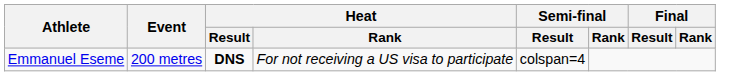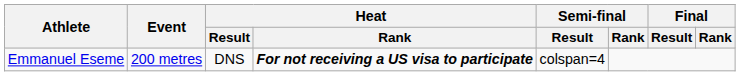 <table class="wikitable" style="font-size:90%">
 <tr>
 <th rowspan="2">Athlete</th>
 <th rowspan="2">Event</th>
 <th colspan="2">Heat</th>
 <th colspan="2">Semi-final</th>
 <th colspan="2">Final</th>
 </tr>
 <tr style="font-size:95%">
 <th>Result</th>
 <th>Rank</th>
 <th>Result</th>
 <th>Rank</th>
 <th>Result</th>
 <th>Rank</th>
 </tr>
 <tr style=text-align:center>
 <td style=text-align:left><a href='#'>Emmanuel Eseme</a></td>
 <td style=text-align:left><a href='#'>200 metres</a></td>
-<td><strong>DNS</strong></td>
-<td><em>For not receiving a US visa to participate</em></td>
+<td>DNS</td>
+<td><strong><em>For not receiving a US visa to participate</em></strong></td>
 <td>colspan=4 </td>
 </tr>
 </table>
